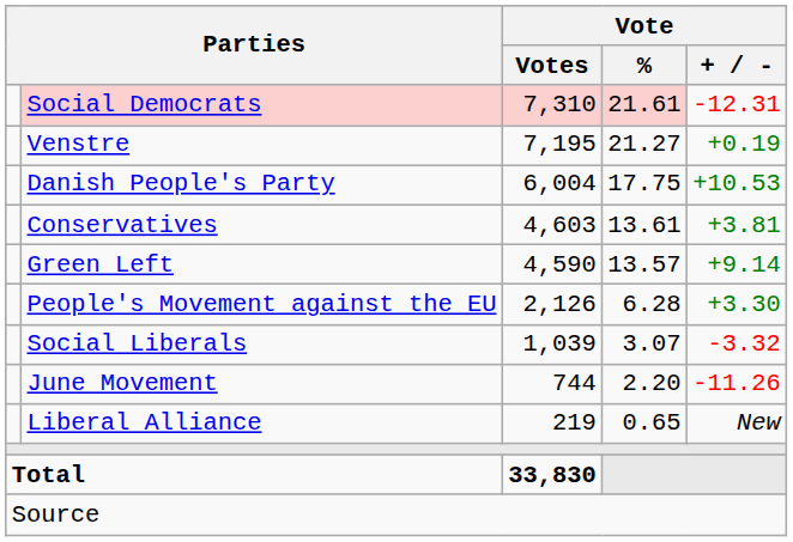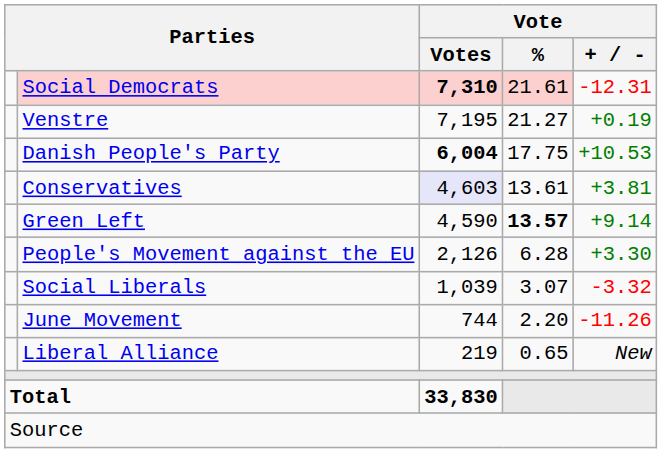 <table class="wikitable" style="text-align:right;">
 <tr>
 <th style="text-align:centre;" rowspan="2" colspan="2" width="225">Parties</th>
 <th colspan="3">Vote</th>
 </tr>
 <tr>
 <th width="15">Votes</th>
 <th width="15">%</th>
 <th width="15">+ / -</th>
 </tr>
 <tr>
 <td width="2" style="color:inherit;background:"></td>
 <td bgcolor=#fbd0ce   align="left"><a href='#'>Social Democrats</a></td>
-<td bgcolor=#fbd0ce>7,310</td>
+<td bgcolor=#fbd0ce><strong>7,310</strong></td>
 <td bgcolor=#fbd0ce>21.61</td>
 <td style=color:red;>-12.31</td>
 </tr>
 <tr>
 <td width="2" style="color:inherit;background:"></td>
 <td align="left"><a href='#'>Venstre</a></td>
 <td>7,195</td>
 <td>21.27</td>
 <td style=color:green;>+0.19</td>
 </tr>
 <tr>
 <td width="2" style="color:inherit;background:"></td>
 <td align="left"><a href='#'>Danish People's Party</a></td>
-<td>6,004</td>
+<td><strong>6,004</strong></td>
 <td>17.75</td>
 <td style=color:green;>+10.53</td>
 </tr>
 <tr>
 <td width="2" style="color:inherit;background:"></td>
 <td align="left"><a href='#'>Conservatives</a></td>
-<td>4,603</td>
+<td style="background: lavender;">4,603</td>
 <td>13.61</td>
 <td style=color:green;>+3.81</td>
 </tr>
 <tr>
 <td width="2" style="color:inherit;background:"></td>
 <td align="left"><a href='#'>Green Left</a></td>
 <td>4,590</td>
-<td>13.57</td>
+<td><strong>13.57</strong></td>
 <td style=color:green;>+9.14</td>
 </tr>
 <tr>
 <td width="2" style="color:inherit;background:"></td>
 <td align="left"><a href='#'>People's Movement against the EU</a></td>
 <td>2,126</td>
 <td>6.28</td>
 <td style=color:green;>+3.30</td>
 </tr>
 <tr>
 <td width="2" style="color:inherit;background:"></td>
 <td align="left"><a href='#'>Social Liberals</a></td>
 <td>1,039</td>
 <td>3.07</td>
 <td style=color:red;>-3.32</td>
 </tr>
 <tr>
 <td width="2" style="color:inherit;background:"></td>
 <td align="left"><a href='#'>June Movement</a></td>
 <td>744</td>
 <td>2.20</td>
 <td style=color:red;>-11.26</td>
 </tr>
 <tr>
 <td width="2" style="color:inherit;background:"></td>
 <td align="left"><a href='#'>Liberal Alliance</a></td>
 <td>219</td>
 <td>0.65</td>
 <td><em>New</em></td>
 </tr>
 <tr>
 <td colspan="7" bgcolor="#E9E9E9"></td>
 </tr>
 <tr>
 <td align="left" colspan="2"><strong>Total</strong></td>
 <td><strong>33,830</strong></td>
 <td bgcolor="#E9E9E9" colspan="2"></td>
 </tr>
 <tr>
 <td align="left" colspan="6">Source</td>
 </tr>
 </table>
